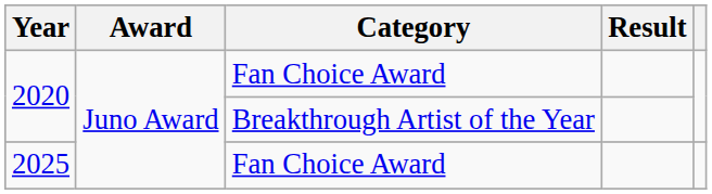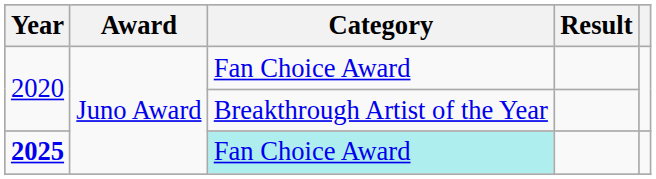 <table class="wikitable sortable plainrowheaders">
 <tr>
 <th>Year</th>
 <th>Award</th>
 <th>Category</th>
 <th>Result</th>
 <th class="unsortable"></th>
 </tr>
 <tr>
 <td rowspan="2"><a href='#'>2020</a></td>
 <td rowspan="3"><a href='#'>Juno Award</a></td>
 <td><a href='#'>Fan Choice Award</a></td>
 <td></td>
 <td rowspan="2" style="text-align:center;"></td>
 </tr>
 <tr>
 <td><a href='#'>Breakthrough Artist of the Year</a></td>
 <td></td>
 </tr>
 <tr>
-<td rowspan="1"><a href='#'>2025</a></td>
-<td><a href='#'>Fan Choice Award</a></td>
+<td rowspan="1"><strong><a href='#'>2025</a></strong></td>
+<td style="background: paleturquoise;"><a href='#'>Fan Choice Award</a></td>
 <td></td>
 <td rowspan="2" style="text-align:center;"></td>
 </tr>
 </table>
